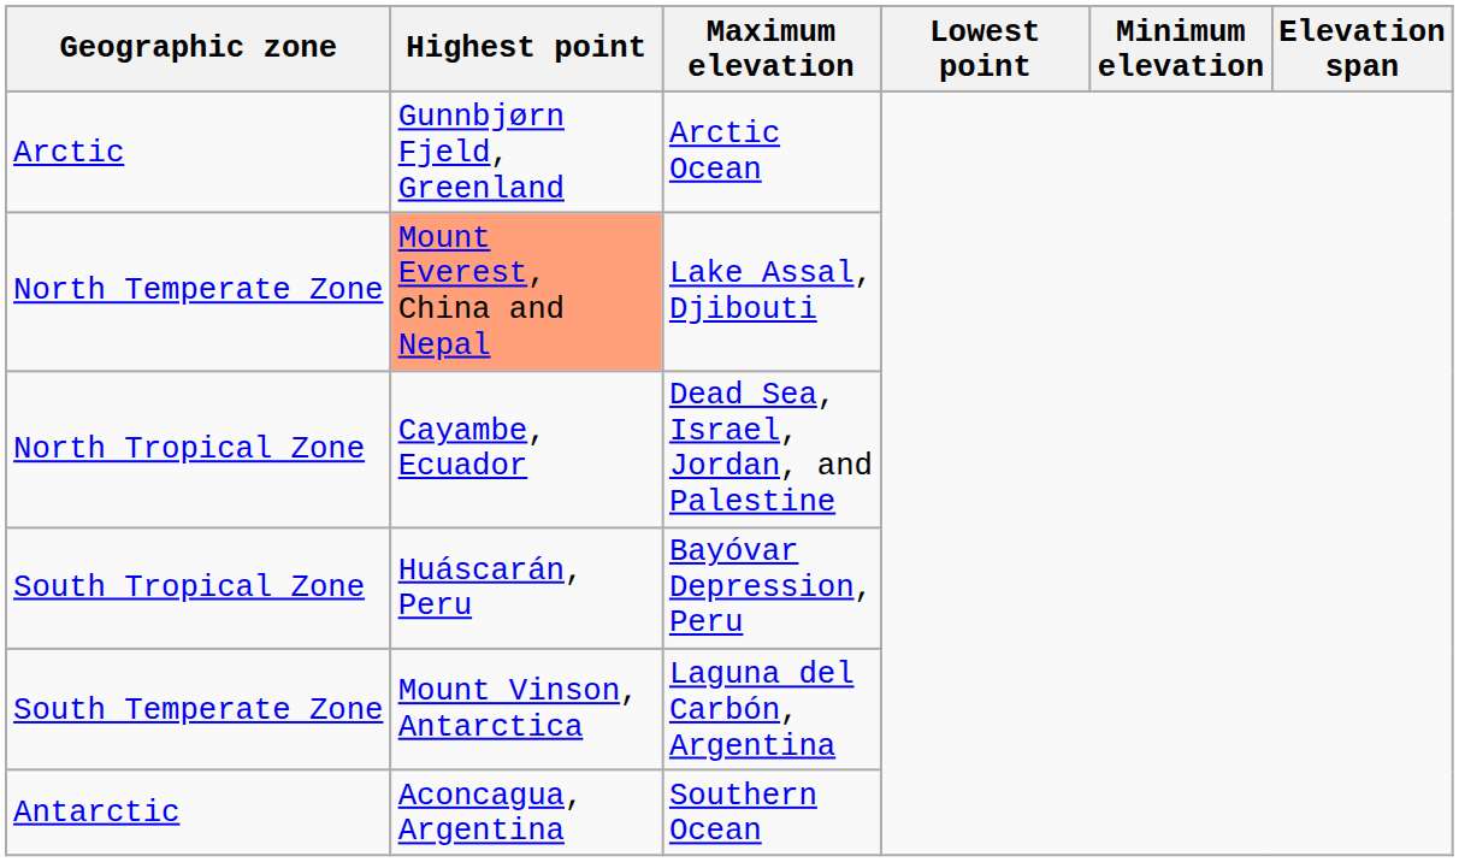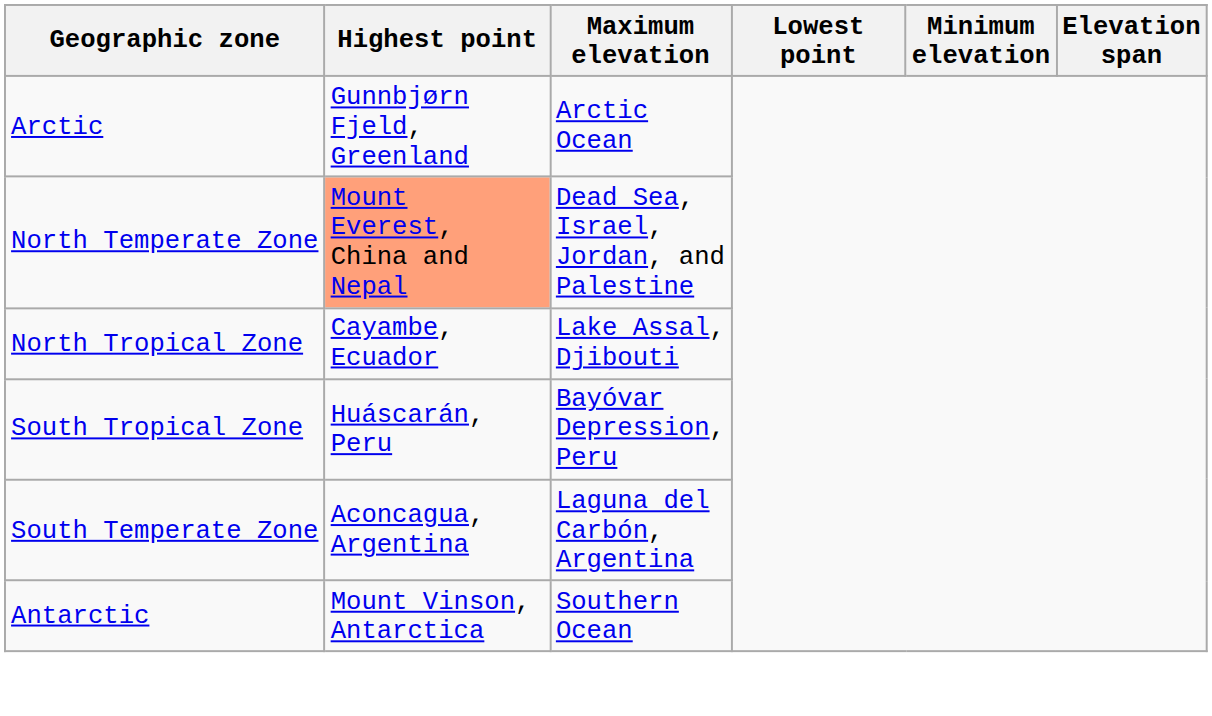 <table class="wikitable sortable">
 <tr>
 <th width="132px">Geographic zone</th>
 <th width="248px">Highest point</th>
 <th width="68px">Maximum elevation</th>
 <th width="248px">Lowest point</th>
 <th width="68px">Minimum elevation</th>
 <th width="68px">Elevation span</th>
 </tr>
 <tr>
 <td><a href='#'>Arctic</a></td>
 <td><a href='#'>Gunnbjørn Fjeld</a>, <a href='#'>Greenland</a><br></td>
 <td><a href='#'>Arctic Ocean</a><br> </td>
 </tr>
 <tr>
 <td><a href='#'>North&nbsp;Temperate&nbsp;Zone</a></td>
 <td style="background: lightsalmon;"><a href='#'>Mount Everest</a>, China and <a href='#'>Nepal</a><br></td>
-<td><a href='#'>Lake Assal</a>, <a href='#'>Djibouti</a><br> </td>
+<td><a href='#'>Dead Sea</a>, <a href='#'>Israel</a>, <a href='#'>Jordan</a>, and <a href='#'>Palestine</a><br> </td>
 </tr>
 <tr>
 <td><a href='#'>North&nbsp;Tropical&nbsp;Zone</a></td>
 <td><a href='#'>Cayambe</a>, <a href='#'>Ecuador</a><br></td>
-<td><a href='#'>Dead Sea</a>, <a href='#'>Israel</a>, <a href='#'>Jordan</a>, and <a href='#'>Palestine</a><br> </td>
+<td><a href='#'>Lake Assal</a>, <a href='#'>Djibouti</a><br> </td>
 </tr>
 <tr>
 <td><a href='#'>South&nbsp;Tropical&nbsp;Zone</a></td>
 <td><a href='#'>Huáscarán</a>, <a href='#'>Peru</a><br></td>
 <td><a href='#'>Bayóvar Depression</a>, <a href='#'>Peru</a><br> </td>
 </tr>
 <tr>
 <td><a href='#'>South&nbsp;Temperate&nbsp;Zone</a></td>
-<td><a href='#'>Mount Vinson</a>, <a href='#'>Antarctica</a><br></td>
+<td><a href='#'>Aconcagua</a>, <a href='#'>Argentina</a><br></td>
 <td><a href='#'>Laguna del Carbón</a>, <a href='#'>Argentina</a><br> </td>
 </tr>
 <tr>
 <td><a href='#'>Antarctic</a></td>
-<td><a href='#'>Aconcagua</a>, <a href='#'>Argentina</a><br></td>
+<td><a href='#'>Mount Vinson</a>, <a href='#'>Antarctica</a><br></td>
 <td><a href='#'>Southern Ocean</a><br> </td>
 </tr>
 </table>
